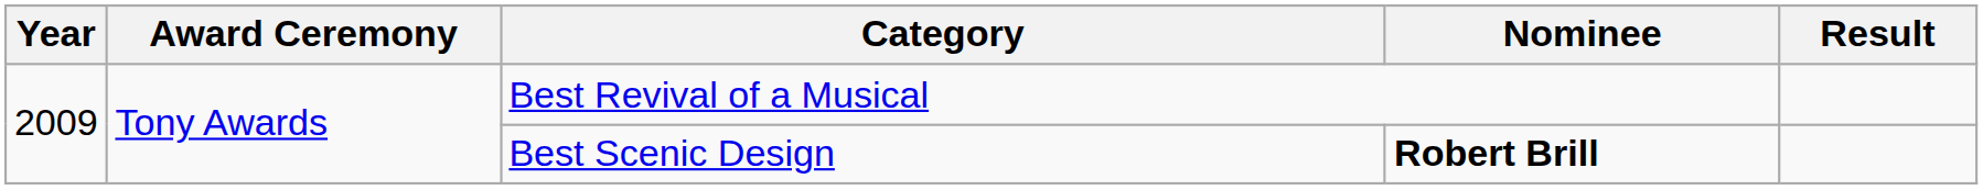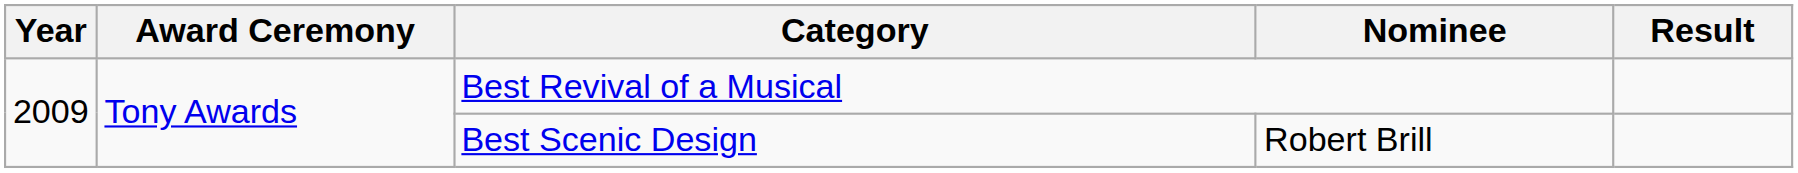 <table class="wikitable" style="width:95%;">
 <tr>
 <th style="width:5%;">Year</th>
 <th style="width:20%;">Award Ceremony</th>
 <th style="width:45%;">Category</th>
 <th style="width:20%;">Nominee</th>
 <th style="width:10%;">Result</th>
 </tr>
 <tr>
 <td rowspan="2" style="text-align:center;">2009</td>
 <td rowspan="2"><a href='#'>Tony Awards</a></td>
 <td colspan="2"><a href='#'>Best Revival of a Musical</a></td>
 <td></td>
 </tr>
 <tr>
 <td><a href='#'>Best Scenic Design</a></td>
-<td><strong>Robert Brill</strong></td>
+<td>Robert Brill</td>
 <td></td>
 </tr>
 </table>
